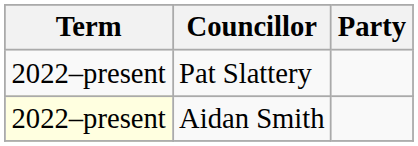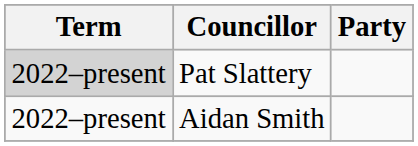 <table class="wikitable">
 <tr>
 <th>Term</th>
 <th>Councillor</th>
 <th colspan=2>Party</th>
 </tr>
 <tr>
-<td>2022–present</td>
+<td style="background: lightgrey;">2022–present</td>
 <td>Pat Slattery</td>
 <td></td>
 </tr>
 <tr>
-<td style="background: lightyellow;">2022–present</td>
+<td>2022–present</td>
 <td>Aidan Smith</td>
 <td></td>
 </tr>
 </table>
